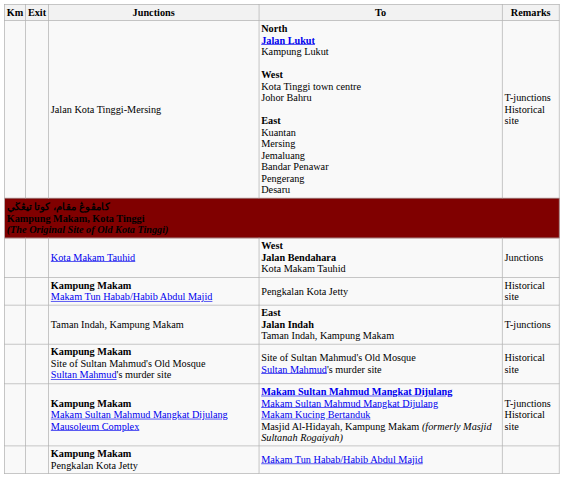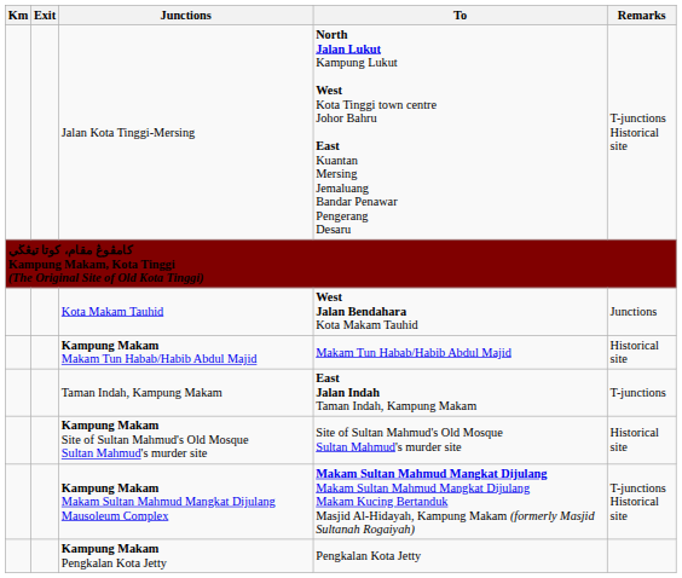 <table class="wikitable">
 <tr>
 <th>Km</th>
 <th>Exit</th>
 <th>Junctions</th>
 <th>To</th>
 <th>Remarks</th>
 </tr>
 <tr>
 <td></td>
 <td></td>
 <td>Jalan Kota Tinggi-Mersing</td>
 <td><strong>North</strong><br> <strong><a href='#'>Jalan Lukut</a></strong><br>Kampung Lukut<br><br><strong>West</strong><br> Kota Tinggi town centre<br>  Johor Bahru<br><br><strong>East</strong><br>  Kuantan<br>  Mersing<br>  Jemaluang<br> Bandar Penawar<br> Pengerang<br> Desaru</td>
 <td>T-junctions<br>Historical site</td>
 </tr>
 <tr>
 <td style="width:600px" colspan="6" style="text-align:center" bgcolor="maroon"><strong><span>كامڤوڠ مقام، كوتا تيڠڬي<br>Kampung Makam, Kota Tinggi<br><em>(The Original Site of Old Kota Tinggi)</em><br></span></strong></td>
 </tr>
 <tr>
 <td></td>
 <td></td>
 <td><a href='#'>Kota Makam Tauhid</a></td>
 <td><strong>West</strong><br><strong>Jalan Bendahara</strong><br>Kota Makam Tauhid</td>
 <td>Junctions</td>
 </tr>
 <tr>
 <td></td>
 <td></td>
 <td><strong>Kampung Makam</strong><br><a href='#'>Makam Tun Habab/Habib Abdul Majid</a></td>
-<td>Pengkalan Kota Jetty</td>
+<td><a href='#'>Makam Tun Habab/Habib Abdul Majid</a></td>
 <td>Historical site</td>
 </tr>
 <tr>
 <td></td>
 <td></td>
 <td>Taman Indah, Kampung Makam</td>
 <td><strong>East</strong><br><strong>Jalan Indah</strong><br>Taman Indah, Kampung Makam</td>
 <td>T-junctions</td>
 </tr>
 <tr>
 <td></td>
 <td></td>
 <td><strong>Kampung Makam</strong><br>Site of Sultan Mahmud's Old Mosque<br><a href='#'>Sultan Mahmud</a>'s murder site</td>
 <td>Site of Sultan Mahmud's Old Mosque<br><a href='#'>Sultan Mahmud</a>'s murder site</td>
 <td>Historical site</td>
 </tr>
 <tr>
 <td></td>
 <td></td>
 <td><strong>Kampung Makam</strong><br><a href='#'>Makam Sultan Mahmud Mangkat Dijulang Mausoleum Complex</a></td>
 <td><strong><a href='#'>Makam Sultan Mahmud Mangkat Dijulang</a></strong><br><a href='#'>Makam Sultan Mahmud Mangkat Dijulang</a><br><a href='#'>Makam Kucing Bertanduk</a><br>Masjid Al-Hidayah, Kampung Makam <em>(formerly Masjid Sultanah Rogaiyah)</em> <br> </td>
 <td>T-junctions<br>Historical site</td>
 </tr>
 <tr>
 <td></td>
 <td></td>
 <td><strong>Kampung Makam</strong><br>Pengkalan Kota Jetty</td>
-<td><a href='#'>Makam Tun Habab/Habib Abdul Majid</a></td>
+<td>Pengkalan Kota Jetty</td>
 <td></td>
 </tr>
 </table>
